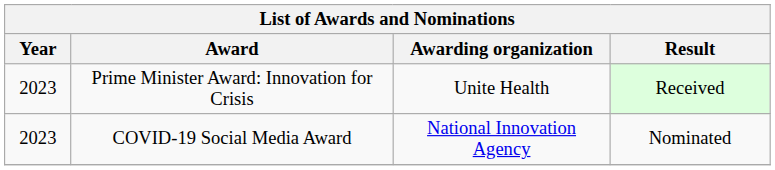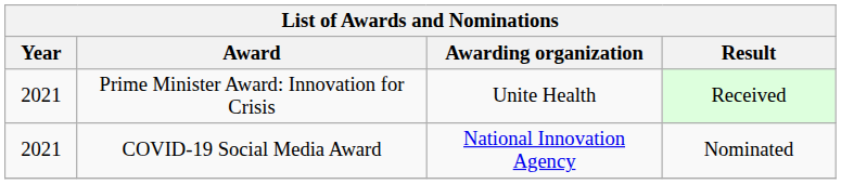 <table class="wikitable" style="font-size:100%; text-align:center;">
 <tr>
 <th colspan="4">List of Awards and Nominations</th>
 </tr>
 <tr>
 <th width="50">Year</th>
 <th width="270">Award</th>
 <th width="180">Awarding organization</th>
 <th width="130">Result</th>
 </tr>
 <tr>
-<td rowspan="1">2023</td>
+<td rowspan="1">2021</td>
 <td>Prime Minister Award: Innovation for Crisis</td>
 <td>Unite Health</td>
 <td style="background: #ddffdd">Received</td>
 </tr>
 <tr>
-<td rowspan="1">2023</td>
+<td rowspan="1">2021</td>
 <td>COVID-19 Social Media Award</td>
 <td><a href='#'>National Innovation Agency</a></td>
 <td style="background: ">Nominated</td>
 </tr>
 <tr>
 </tr>
 </table>
